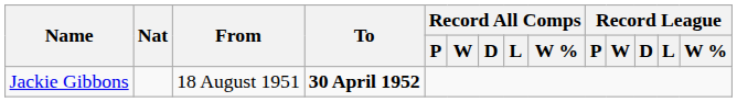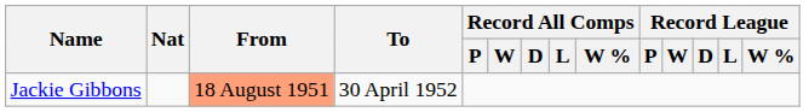 <table style="text-align: center" class="wikitable">
 <tr>
 <th rowspan="2">Name</th>
 <th rowspan="2">Nat</th>
 <th rowspan="2">From</th>
 <th rowspan="2">To</th>
 <th colspan="5">Record All Comps</th>
 <th colspan="5">Record League</th>
 </tr>
 <tr>
 <th>P</th>
 <th>W</th>
 <th>D</th>
 <th>L</th>
 <th>W %</th>
 <th>P</th>
 <th>W</th>
 <th>D</th>
 <th>L</th>
 <th>W %</th>
 </tr>
 <tr>
 <td style="text-align:left;"><a href='#'>Jackie Gibbons</a></td>
 <td></td>
-<td style="text-align:left;">18 August 1951</td>
-<td style="text-align:left;"><strong>30 April 1952<br> </strong></td>
+<td style="background: lightsalmon; text-align:left;">18 August 1951</td>
+<td style="text-align:left;">30 April 1952<br> </td>
 </tr>
 </table>
